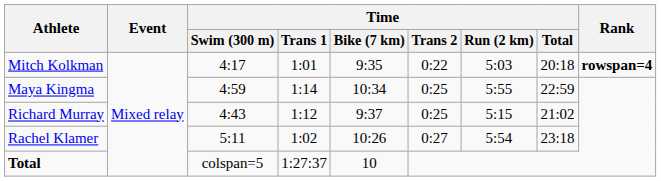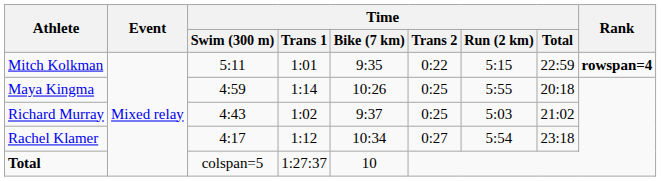 <table class="wikitable" style="font-size:90%;text-align:center;">
 <tr>
 <th rowspan=2>Athlete</th>
 <th rowspan=2>Event</th>
 <th colspan=6>Time</th>
 <th rowspan=2>Rank</th>
 </tr>
 <tr style="font-size:95%">
 <th>Swim (300 m)</th>
 <th>Trans 1</th>
 <th>Bike (7 km)</th>
 <th>Trans 2</th>
 <th>Run (2 km)</th>
 <th>Total</th>
 </tr>
 <tr>
 <td align=left><a href='#'>Mitch Kolkman</a></td>
 <td align=left rowspan=5><a href='#'>Mixed relay</a></td>
-<td>4:17</td>
+<td>5:11</td>
 <td>1:01</td>
 <td>9:35</td>
 <td>0:22</td>
-<td>5:03</td>
-<td>20:18</td>
+<td>5:15</td>
+<td>22:59</td>
 <td><strong>rowspan=4 </strong></td>
 </tr>
 <tr>
 <td align=left><a href='#'>Maya Kingma</a></td>
 <td>4:59</td>
 <td>1:14</td>
-<td>10:34</td>
+<td>10:26</td>
 <td>0:25</td>
 <td>5:55</td>
-<td>22:59</td>
+<td>20:18</td>
 </tr>
 <tr>
 <td align=left><a href='#'>Richard Murray</a></td>
 <td>4:43</td>
-<td>1:12</td>
+<td>1:02</td>
 <td>9:37</td>
 <td>0:25</td>
-<td>5:15</td>
+<td>5:03</td>
 <td>21:02</td>
 </tr>
 <tr>
 <td align=left><a href='#'>Rachel Klamer</a></td>
-<td>5:11</td>
-<td>1:02</td>
-<td>10:26</td>
+<td>4:17</td>
+<td>1:12</td>
+<td>10:34</td>
 <td>0:27</td>
 <td>5:54</td>
 <td>23:18</td>
 </tr>
 <tr align=center>
 <td align=left><strong>Total</strong></td>
 <td>colspan=5 </td>
 <td>1:27:37</td>
 <td>10</td>
 </tr>
 </table>
